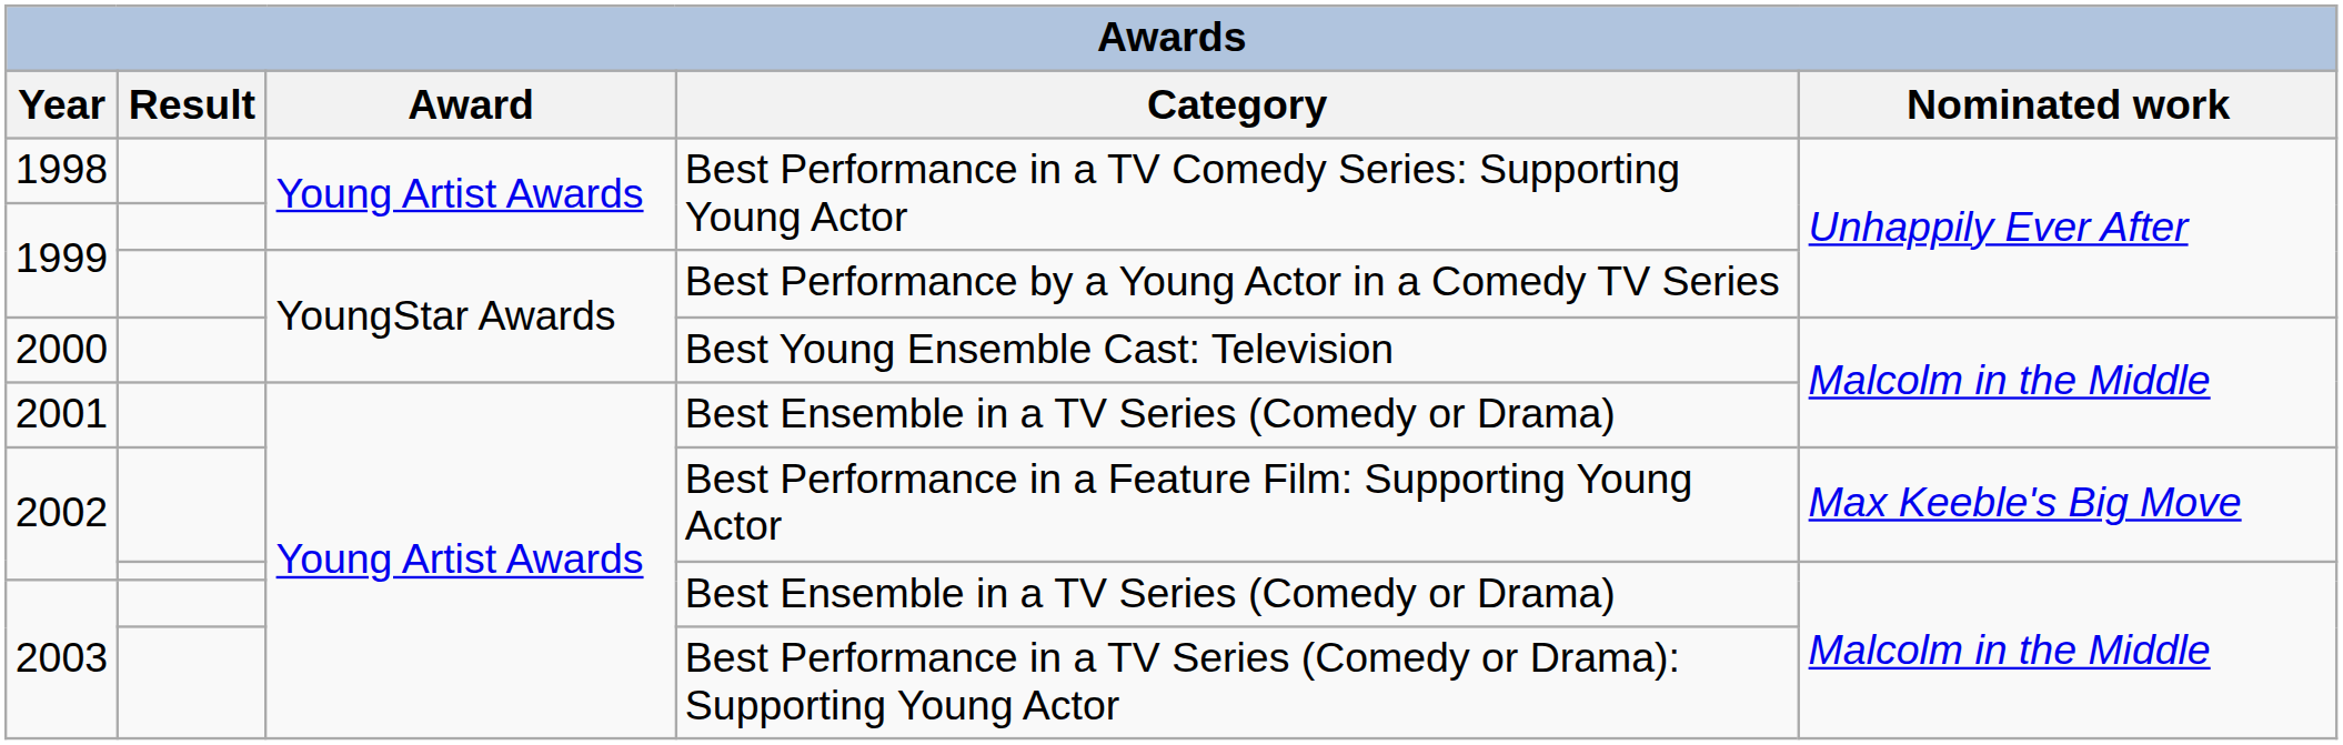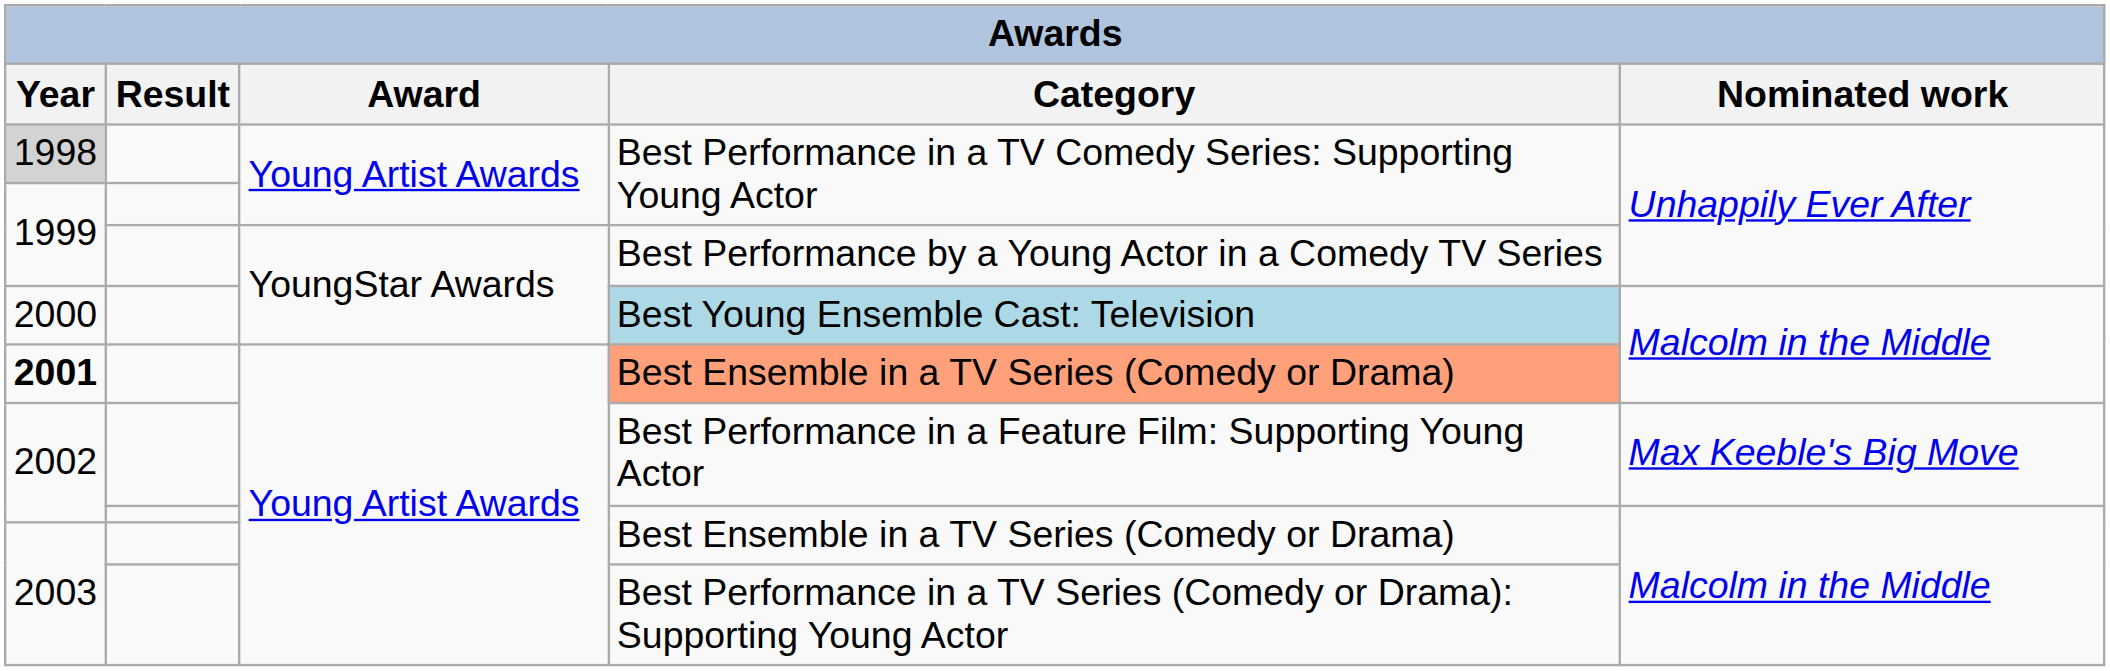 <table class="wikitable">
 <tr>
 <th colspan="5" style="background: LightSteelBlue;">Awards</th>
 </tr>
 <tr>
 <th>Year</th>
 <th width="50">Result</th>
 <th width="150">Award</th>
 <th width="425">Category</th>
 <th width="200">Nominated work</th>
 </tr>
 <tr>
-<td>1998</td>
+<td style="background: lightgrey;">1998</td>
 <td></td>
 <td rowspan="2"><a href='#'>Young Artist Awards</a></td>
 <td rowspan="2">Best Performance in a TV Comedy Series: Supporting Young Actor</td>
 <td rowspan="3"><em><a href='#'>Unhappily Ever After</a></em></td>
 </tr>
 <tr>
 <td rowspan="2">1999</td>
 <td></td>
 </tr>
 <tr>
 <td></td>
 <td rowspan="2">YoungStar Awards</td>
 <td>Best Performance by a Young Actor in a Comedy TV Series</td>
 </tr>
 <tr>
 <td>2000</td>
 <td></td>
-<td>Best Young Ensemble Cast: Television</td>
+<td style="background: lightblue;">Best Young Ensemble Cast: Television</td>
 <td rowspan="2"><em><a href='#'>Malcolm in the Middle</a></em></td>
 </tr>
 <tr>
-<td>2001</td>
+<td><strong>2001</strong></td>
 <td></td>
 <td rowspan="5"><a href='#'>Young Artist Awards</a></td>
-<td>Best Ensemble in a TV Series (Comedy or Drama)</td>
+<td style="background: lightsalmon;">Best Ensemble in a TV Series (Comedy or Drama)</td>
 </tr>
 <tr>
 <td rowspan=2>2002</td>
 <td></td>
 <td>Best Performance in a Feature Film: Supporting Young Actor</td>
 <td><em><a href='#'>Max Keeble's Big Move</a></em></td>
 </tr>
 <tr>
 <td></td>
 <td rowspan="2">Best Ensemble in a TV Series (Comedy or Drama)</td>
 <td rowspan="3"><em><a href='#'>Malcolm in the Middle</a></em></td>
 </tr>
 <tr>
 <td rowspan="2">2003</td>
 <td></td>
 </tr>
 <tr>
 <td></td>
 <td>Best Performance in a TV Series (Comedy or Drama): Supporting Young Actor</td>
 </tr>
 </table>
